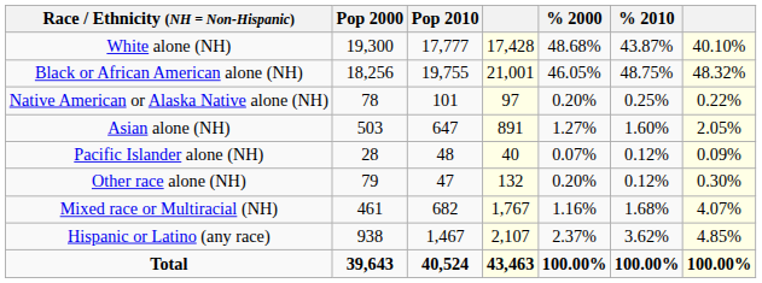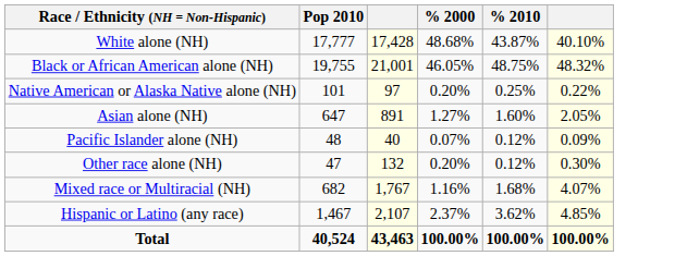 <table class="wikitable" style="text-align:center;">
 <tr>
 <th>Race / Ethnicity <small>(<em>NH = Non-Hispanic</em>)</small></th>
-<th>Pop 2000</th>
 <th>Pop 2010</th>
 <th></th>
 <th>% 2000</th>
 <th>% 2010</th>
 <th></th>
 </tr>
 <tr>
 <td><a href='#'>White</a> alone (NH)</td>
-<td>19,300</td>
 <td>17,777</td>
 <td style='background: #ffffe6;'>17,428</td>
 <td>48.68%</td>
 <td>43.87%</td>
 <td style='background: #ffffe6;'>40.10%</td>
 </tr>
 <tr>
 <td><a href='#'>Black or African American</a> alone (NH)</td>
-<td>18,256</td>
 <td>19,755</td>
 <td style='background: #ffffe6;'>21,001</td>
 <td>46.05%</td>
 <td>48.75%</td>
 <td style='background: #ffffe6;'>48.32%</td>
 </tr>
 <tr>
 <td><a href='#'>Native American</a> or <a href='#'>Alaska Native</a> alone (NH)</td>
-<td>78</td>
 <td>101</td>
 <td style='background: #ffffe6;'>97</td>
 <td>0.20%</td>
 <td>0.25%</td>
 <td style='background: #ffffe6;'>0.22%</td>
 </tr>
 <tr>
 <td><a href='#'>Asian</a> alone (NH)</td>
-<td>503</td>
 <td>647</td>
 <td style='background: #ffffe6;'>891</td>
 <td>1.27%</td>
 <td>1.60%</td>
 <td style='background: #ffffe6;'>2.05%</td>
 </tr>
 <tr>
 <td><a href='#'>Pacific Islander</a> alone (NH)</td>
-<td>28</td>
 <td>48</td>
 <td style='background: #ffffe6;'>40</td>
 <td>0.07%</td>
 <td>0.12%</td>
 <td style='background: #ffffe6;'>0.09%</td>
 </tr>
 <tr>
 <td><a href='#'>Other race</a> alone (NH)</td>
-<td>79</td>
 <td>47</td>
 <td style='background: #ffffe6;'>132</td>
 <td>0.20%</td>
 <td>0.12%</td>
 <td style='background: #ffffe6;'>0.30%</td>
 </tr>
 <tr>
 <td><a href='#'>Mixed race or Multiracial</a> (NH)</td>
-<td>461</td>
 <td>682</td>
 <td style='background: #ffffe6;'>1,767</td>
 <td>1.16%</td>
 <td>1.68%</td>
 <td style='background: #ffffe6;'>4.07%</td>
 </tr>
 <tr>
 <td><a href='#'>Hispanic or Latino</a> (any race)</td>
-<td>938</td>
 <td>1,467</td>
 <td style='background: #ffffe6;'>2,107</td>
 <td>2.37%</td>
 <td>3.62%</td>
 <td style='background: #ffffe6;'>4.85%</td>
 </tr>
 <tr>
 <td><strong>Total</strong></td>
-<td><strong>39,643</strong></td>
 <td><strong>40,524</strong></td>
 <td style='background: #ffffe6;'><strong>43,463</strong></td>
 <td><strong>100.00%</strong></td>
 <td><strong>100.00%</strong></td>
 <td style='background: #ffffe6;'><strong>100.00%</strong></td>
 </tr>
 </table>
